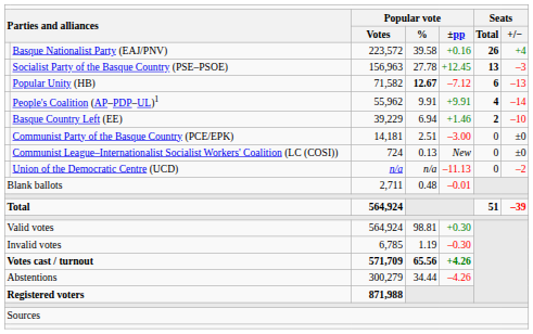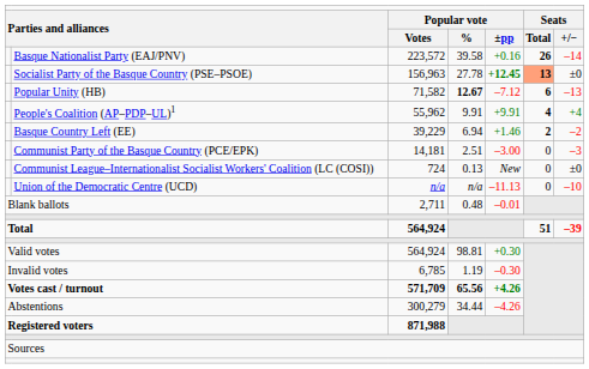 <table class="wikitable" style="text-align:right;">
 <tr>
 <td colspan="7"></td>
 </tr>
 <tr>
 <th style="text-align:left;" rowspan="2" colspan="2" width="525">Parties and alliances</th>
 <th colspan="3">Popular vote</th>
 <th colspan="2">Seats</th>
 </tr>
 <tr>
 <th width="75">Votes</th>
 <th width="45">%</th>
 <th width="45">±<a href='#'>pp</a></th>
 <th width="35">Total</th>
 <th width="35">+/−</th>
 </tr>
 <tr>
 <td width="1" style="color:inherit;background:"></td>
 <td align="left"><a href='#'>Basque Nationalist Party</a> (EAJ/PNV)</td>
 <td>223,572</td>
 <td>39.58</td>
 <td style="color:green;">+0.16</td>
 <td><strong>26</strong></td>
-<td style="color:green;">+4</td>
+<td style="color:red;">–14</td>
 </tr>
 <tr>
 <td style="color:inherit;background:"></td>
 <td align="left"><a href='#'>Socialist Party of the Basque Country</a> (PSE–PSOE)</td>
 <td>156,963</td>
 <td>27.78</td>
-<td style="color:green;">+12.45</td>
-<td><strong>13</strong></td>
-<td style="color:red;">–3</td>
+<td style="color:green;"><strong>+12.45</strong></td>
+<td style="background: lightsalmon;"><strong>13</strong></td>
+<td>±0</td>
 </tr>
 <tr>
 <td style="color:inherit;background:"></td>
 <td align="left"><a href='#'>Popular Unity</a> (HB)</td>
 <td>71,582</td>
 <td><strong>12.67</strong></td>
 <td style="color:red;">–7.12</td>
 <td><strong>6</strong></td>
 <td style="color:red;">–13</td>
 </tr>
 <tr>
 <td style="color:inherit;background:"></td>
 <td align="left"><a href='#'>People's Coalition</a> (<a href='#'>AP</a>–<a href='#'>PDP</a>–<a href='#'>UL</a>)<sup>1</sup></td>
 <td>55,962</td>
 <td>9.91</td>
 <td style="color:green;">+9.91</td>
 <td><strong>4</strong></td>
-<td style="color:red;">–14</td>
+<td style="color:green;">+4</td>
 </tr>
 <tr>
 <td style="color:inherit;background:"></td>
 <td align="left"><a href='#'>Basque Country Left</a> (EE)</td>
 <td>39,229</td>
 <td>6.94</td>
 <td style="color:green;">+1.46</td>
 <td><strong>2</strong></td>
-<td style="color:red;">–10</td>
+<td style="color:red;">–2</td>
 </tr>
 <tr>
 <td style="color:inherit;background:"></td>
 <td align="left"><a href='#'>Communist Party of the Basque Country</a> (PCE/EPK)</td>
 <td>14,181</td>
 <td>2.51</td>
 <td style="color:red;">–3.00</td>
 <td>0</td>
-<td>±0</td>
+<td style="color:red;">–3</td>
 </tr>
 <tr>
 <td style="color:inherit;background:"></td>
 <td align="left"><a href='#'>Communist League–Internationalist Socialist Workers' Coalition</a> (LC (COSI))</td>
 <td>724</td>
 <td>0.13</td>
 <td><em>New</em></td>
 <td>0</td>
 <td>±0</td>
 </tr>
 <tr>
 <td style="color:inherit;background:"></td>
 <td align="left"><a href='#'>Union of the Democratic Centre</a> (UCD)</td>
 <td><em><a href='#'>n/a</a></em></td>
 <td><em>n/a</em></td>
 <td style="color:red;">–11.13</td>
 <td>0</td>
-<td style="color:red;">–2</td>
+<td style="color:red;">–10</td>
 </tr>
 <tr>
 <td align="left" colspan="2">Blank ballots</td>
 <td>2,711</td>
 <td>0.48</td>
 <td style="color:red;">–0.01</td>
 <td bgcolor="#E9E9E9" colspan="2"></td>
 </tr>
 <tr>
 <td colspan="7" bgcolor="#E9E9E9"></td>
 </tr>
 <tr style="font-weight:bold;">
 <td align="left" colspan="2">Total</td>
 <td>564,924</td>
 <td bgcolor="#E9E9E9" colspan="2"></td>
 <td>51</td>
 <td style="color:red;">–39</td>
 </tr>
 <tr>
 <td colspan="7" bgcolor="#E9E9E9"></td>
 </tr>
 <tr>
 <td align="left" colspan="2">Valid votes</td>
 <td>564,924</td>
 <td>98.81</td>
 <td style="color:green;">+0.30</td>
 <td bgcolor="#E9E9E9" colspan="2" rowspan="5"></td>
 </tr>
 <tr>
 <td align="left" colspan="2">Invalid votes</td>
 <td>6,785</td>
 <td>1.19</td>
 <td style="color:red;">–0.30</td>
 </tr>
 <tr style="font-weight:bold;">
 <td align="left" colspan="2">Votes cast / turnout</td>
 <td>571,709</td>
 <td>65.56</td>
 <td style="color:green;">+4.26</td>
 </tr>
 <tr>
 <td align="left" colspan="2">Abstentions</td>
 <td>300,279</td>
 <td>34.44</td>
 <td style="color:red;">–4.26</td>
 </tr>
 <tr style="font-weight:bold;">
 <td align="left" colspan="2">Registered voters</td>
 <td>871,988</td>
 <td bgcolor="#E9E9E9" colspan="2"></td>
 </tr>
 <tr>
 <td colspan="7" bgcolor="#E9E9E9"></td>
 </tr>
 <tr>
 <td align="left" colspan="7">Sources</td>
 </tr>
 <tr>
 <td colspan="7" style="text-align:left; max-width:790px;"></td>
 </tr>
 </table>
